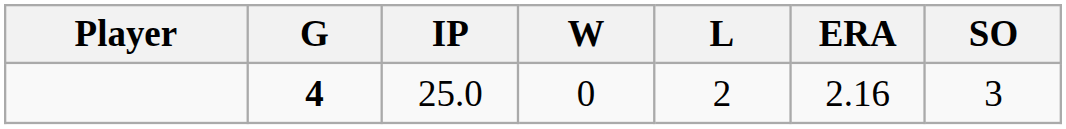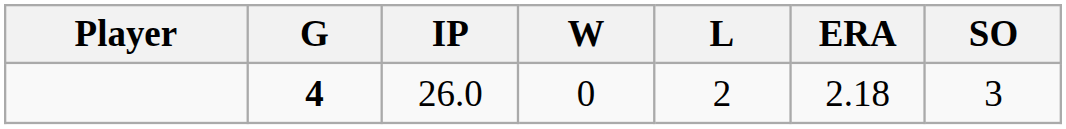 <table class="wikitable sortable">
 <tr>
 <th bgcolor="#DDDDFF" width="16%">Player</th>
 <th bgcolor="#DDDDFF" width="9%">G</th>
 <th bgcolor="#DDDDFF" width="9%">IP</th>
 <th bgcolor="#DDDDFF" width="9%">W</th>
 <th bgcolor="#DDDDFF" width="9%">L</th>
 <th bgcolor="#DDDDFF" width="9%">ERA</th>
 <th bgcolor="#DDDDFF" width="9%">SO</th>
 </tr>
 <tr align="center">
 <td></td>
 <td><strong>4</strong></td>
-<td>25.0</td>
+<td>26.0</td>
 <td>0</td>
 <td>2</td>
-<td>2.16</td>
+<td>2.18</td>
 <td>3</td>
 </tr>
 </table>
